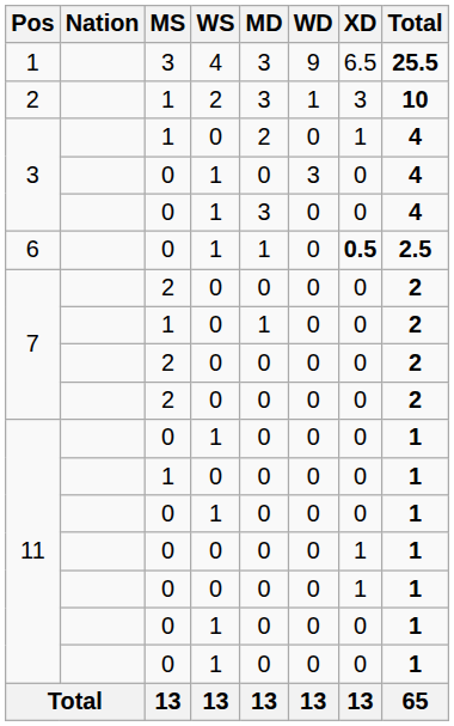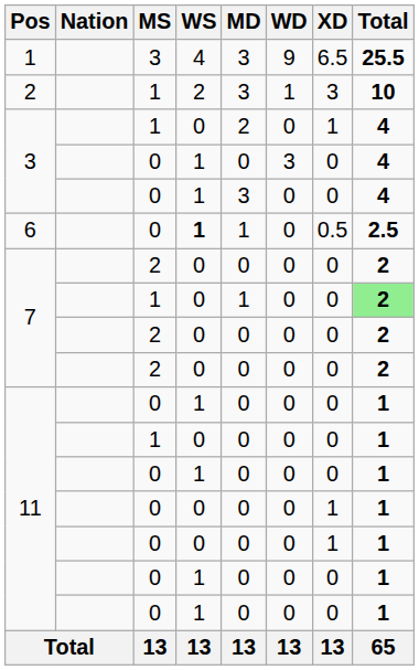 <table class="wikitable" style="text-align:center">
 <tr>
 <th>Pos</th>
 <th>Nation</th>
 <th>MS</th>
 <th>WS</th>
 <th>MD</th>
 <th>WD</th>
 <th>XD</th>
 <th>Total</th>
 </tr>
 <tr>
 <td>1</td>
 <td align=left><strong></strong></td>
 <td>3</td>
 <td>4</td>
 <td>3</td>
 <td>9</td>
 <td>6.5</td>
 <td><strong>25.5</strong></td>
 </tr>
 <tr>
 <td>2</td>
 <td align=left></td>
 <td>1</td>
 <td>2</td>
 <td>3</td>
 <td>1</td>
 <td>3</td>
 <td><strong>10</strong></td>
 </tr>
 <tr>
 <td rowspan=3>3</td>
 <td align=left></td>
 <td>1</td>
 <td>0</td>
 <td>2</td>
 <td>0</td>
 <td>1</td>
 <td><strong>4</strong></td>
 </tr>
 <tr>
 <td align=left></td>
 <td>0</td>
 <td>1</td>
 <td>0</td>
 <td>3</td>
 <td>0</td>
 <td><strong>4</strong></td>
 </tr>
 <tr>
 <td align=left></td>
 <td>0</td>
 <td>1</td>
 <td>3</td>
 <td>0</td>
 <td>0</td>
 <td><strong>4</strong></td>
 </tr>
 <tr>
 <td>6</td>
 <td align=left></td>
 <td>0</td>
-<td>1</td>
+<td><strong>1</strong></td>
 <td>1</td>
 <td>0</td>
-<td><strong>0.5</strong></td>
+<td>0.5</td>
 <td><strong>2.5</strong></td>
 </tr>
 <tr>
 <td rowspan=4>7</td>
 <td align=left></td>
 <td>2</td>
 <td>0</td>
 <td>0</td>
 <td>0</td>
 <td>0</td>
 <td><strong>2</strong></td>
 </tr>
 <tr>
 <td align=left></td>
 <td>1</td>
 <td>0</td>
 <td>1</td>
 <td>0</td>
 <td>0</td>
-<td><strong>2</strong></td>
+<td style="background: lightgreen;"><strong>2</strong></td>
 </tr>
 <tr>
 <td align=left></td>
 <td>2</td>
 <td>0</td>
 <td>0</td>
 <td>0</td>
 <td>0</td>
 <td><strong>2</strong></td>
 </tr>
 <tr>
 <td align=left></td>
 <td>2</td>
 <td>0</td>
 <td>0</td>
 <td>0</td>
 <td>0</td>
 <td><strong>2</strong></td>
 </tr>
 <tr>
 <td rowspan=7>11</td>
 <td align=left></td>
 <td>0</td>
 <td>1</td>
 <td>0</td>
 <td>0</td>
 <td>0</td>
 <td><strong>1</strong></td>
 </tr>
 <tr>
 <td align=left></td>
 <td>1</td>
 <td>0</td>
 <td>0</td>
 <td>0</td>
 <td>0</td>
 <td><strong>1</strong></td>
 </tr>
 <tr>
 <td align=left></td>
 <td>0</td>
 <td>1</td>
 <td>0</td>
 <td>0</td>
 <td>0</td>
 <td><strong>1</strong></td>
 </tr>
 <tr>
 <td align=left></td>
 <td>0</td>
 <td>0</td>
 <td>0</td>
 <td>0</td>
 <td>1</td>
 <td><strong>1</strong></td>
 </tr>
 <tr>
 <td align=left></td>
 <td>0</td>
 <td>0</td>
 <td>0</td>
 <td>0</td>
 <td>1</td>
 <td><strong>1</strong></td>
 </tr>
 <tr>
 <td align=left></td>
 <td>0</td>
 <td>1</td>
 <td>0</td>
 <td>0</td>
 <td>0</td>
 <td><strong>1</strong></td>
 </tr>
 <tr>
 <td align=left></td>
 <td>0</td>
 <td>1</td>
 <td>0</td>
 <td>0</td>
 <td>0</td>
 <td><strong>1</strong></td>
 </tr>
 <tr>
 <th colspan="2">Total</th>
 <th>13</th>
 <th>13</th>
 <th>13</th>
 <th>13</th>
 <th>13</th>
 <th>65</th>
 </tr>
 </table>
